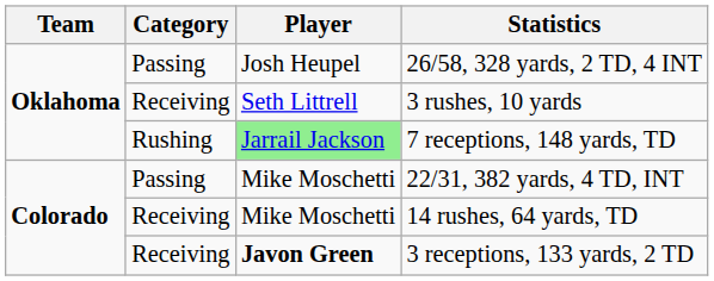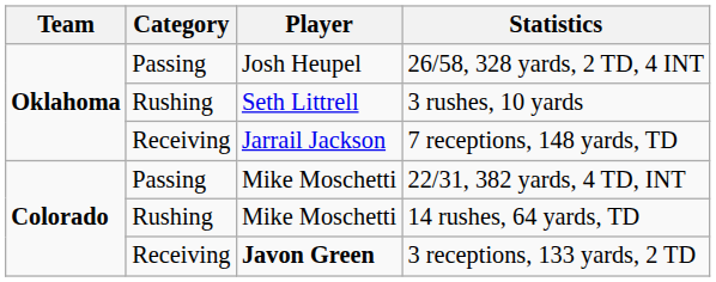 <table class="wikitable" style="float: left;">
 <tr>
 <th>Team</th>
 <th>Category</th>
 <th>Player</th>
 <th>Statistics</th>
 </tr>
 <tr>
 <td rowspan=3><strong>Oklahoma</strong></td>
 <td>Passing</td>
 <td>Josh Heupel</td>
 <td>26/58, 328 yards, 2 TD, 4 INT</td>
 </tr>
 <tr>
-<td>Receiving</td>
+<td>Rushing</td>
 <td><a href='#'>Seth Littrell</a></td>
 <td>3 rushes, 10 yards</td>
 </tr>
 <tr>
-<td>Rushing</td>
-<td style="background: lightgreen;"><a href='#'>Jarrail Jackson</a></td>
+<td>Receiving</td>
+<td><a href='#'>Jarrail Jackson</a></td>
 <td>7 receptions, 148 yards, TD</td>
 </tr>
 <tr>
 <td rowspan=3><strong>Colorado</strong></td>
 <td>Passing</td>
 <td>Mike Moschetti</td>
 <td>22/31, 382 yards, 4 TD, INT</td>
 </tr>
 <tr>
-<td>Receiving</td>
+<td>Rushing</td>
 <td>Mike Moschetti</td>
 <td>14 rushes, 64 yards, TD</td>
 </tr>
 <tr>
 <td>Receiving</td>
 <td><strong>Javon Green</strong></td>
 <td>3 receptions, 133 yards, 2 TD</td>
 </tr>
 </table>
